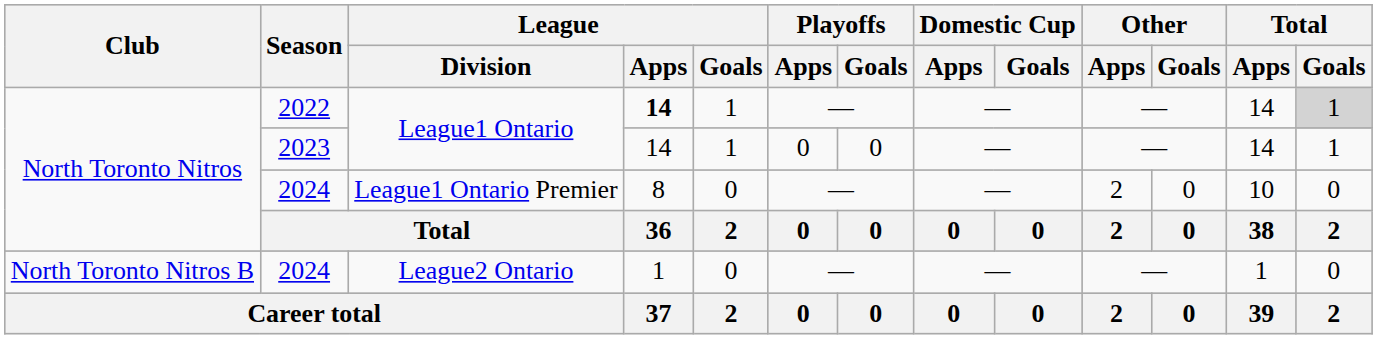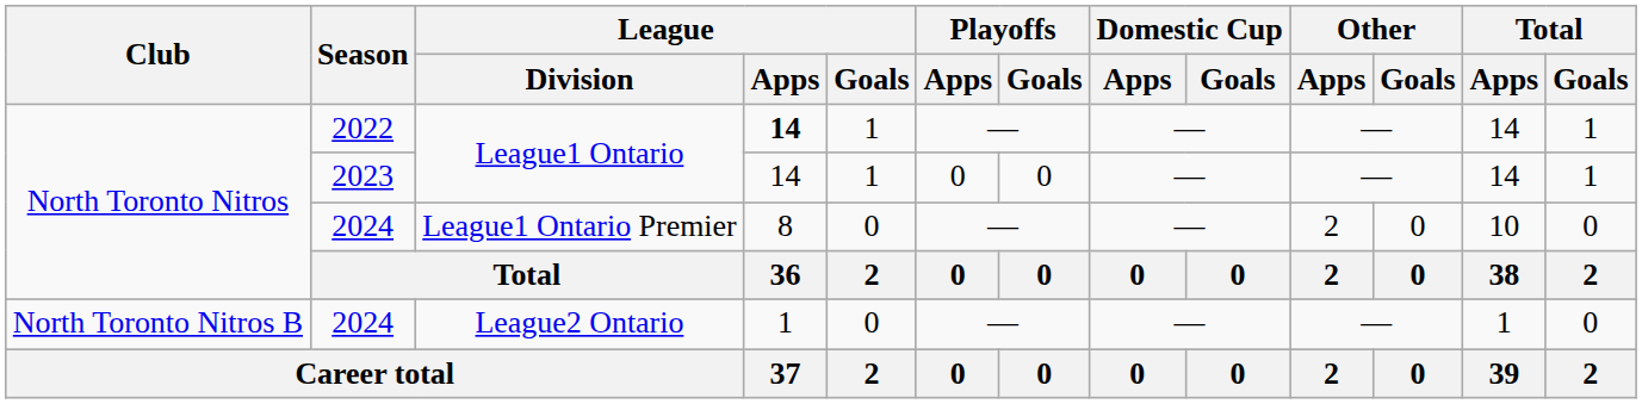 <table class="wikitable" style="text-align: center;">
 <tr>
 <th rowspan="2">Club</th>
 <th rowspan="2">Season</th>
 <th colspan="3">League</th>
 <th colspan="2">Playoffs</th>
 <th colspan="2">Domestic Cup</th>
 <th colspan="2">Other</th>
 <th colspan="2">Total</th>
 </tr>
 <tr>
 <th>Division</th>
 <th>Apps</th>
 <th>Goals</th>
 <th>Apps</th>
 <th>Goals</th>
 <th>Apps</th>
 <th>Goals</th>
 <th>Apps</th>
 <th>Goals</th>
 <th>Apps</th>
 <th>Goals</th>
 </tr>
 <tr>
 <td rowspan="4"><a href='#'>North Toronto Nitros</a></td>
 <td><a href='#'>2022</a></td>
 <td rowspan=2><a href='#'>League1 Ontario</a></td>
 <td><strong>14</strong></td>
 <td>1</td>
 <td colspan="2">—</td>
 <td colspan="2">—</td>
 <td colspan="2">—</td>
 <td>14</td>
-<td style="background: lightgrey;">1</td>
+<td>1</td>
 </tr>
 <tr>
 <td><a href='#'>2023</a></td>
 <td>14</td>
 <td>1</td>
 <td>0</td>
 <td>0</td>
 <td colspan="2">—</td>
 <td colspan="2">—</td>
 <td>14</td>
 <td>1</td>
 </tr>
 <tr>
 <td><a href='#'>2024</a></td>
 <td><a href='#'>League1 Ontario</a> Premier</td>
 <td>8</td>
 <td>0</td>
 <td colspan="2">—</td>
 <td colspan="2">—</td>
 <td>2</td>
 <td>0</td>
 <td>10</td>
 <td>0</td>
 </tr>
 <tr>
 <th colspan="2">Total</th>
 <th>36</th>
 <th>2</th>
 <th>0</th>
 <th>0</th>
 <th>0</th>
 <th>0</th>
 <th>2</th>
 <th>0</th>
 <th>38</th>
 <th>2</th>
 </tr>
 <tr>
 <td><a href='#'>North Toronto Nitros B</a></td>
 <td><a href='#'>2024</a></td>
 <td><a href='#'>League2 Ontario</a></td>
 <td>1</td>
 <td>0</td>
 <td colspan="2">—</td>
 <td colspan="2">—</td>
 <td colspan="2">—</td>
 <td>1</td>
 <td>0</td>
 </tr>
 <tr>
 <th colspan="3">Career total</th>
 <th>37</th>
 <th>2</th>
 <th>0</th>
 <th>0</th>
 <th>0</th>
 <th>0</th>
 <th>2</th>
 <th>0</th>
 <th>39</th>
 <th>2</th>
 </tr>
 </table>
